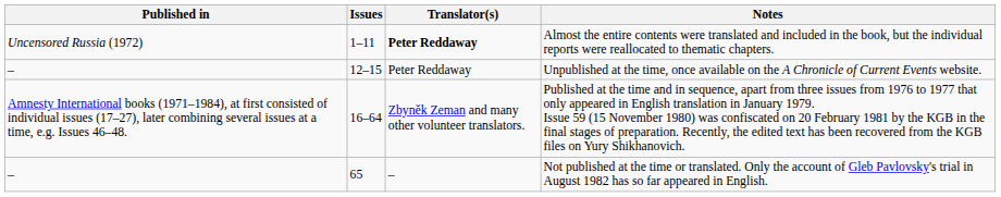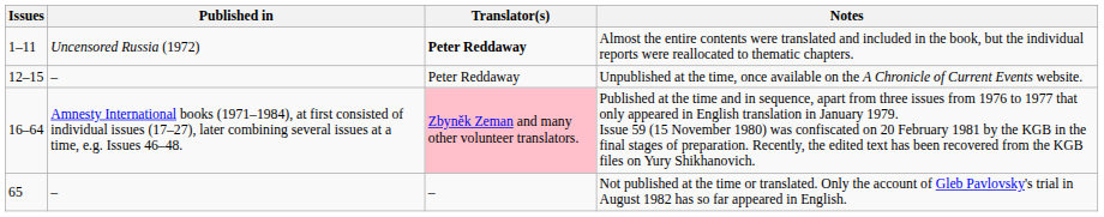 <table class="wikitable sortable">
 <tr>
+<th>Issues</th>
 <th>Published in</th>
-<th>Issues</th>
 <th>Translator(s)</th>
 <th>Notes</th>
 </tr>
 <tr>
+<td>1–11</td>
 <td><em>Uncensored Russia</em> (1972)</td>
-<td>1–11</td>
 <td><strong>Peter Reddaway</strong></td>
 <td>Almost the entire contents were translated and included in the book, but the individual reports were reallocated to thematic chapters.</td>
 </tr>
 <tr>
+<td>12–15</td>
 <td>–</td>
-<td>12–15</td>
 <td>Peter Reddaway</td>
 <td>Unpublished at the time, once available on the <em>A Chronicle of Current Events</em> website.</td>
 </tr>
 <tr>
+<td>16–64</td>
 <td><a href='#'>Amnesty International</a> books (1971–1984), at first consisted of individual issues (17–27), later combining several issues at a time, e.g. Issues 46–48.</td>
-<td>16–64</td>
-<td><a href='#'>Zbyněk Zeman</a> and many other volunteer translators.</td>
+<td style="background: pink;"><a href='#'>Zbyněk Zeman</a> and many other volunteer translators.</td>
 <td>Published at the time and in sequence, apart from three issues from 1976 to 1977 that only appeared in English translation in January 1979.<br>Issue 59 (15 November 1980) was confiscated on 20 February 1981 by the KGB in the final stages of preparation. Recently, the edited text has been recovered from the KGB files on Yury Shikhanovich.</td>
 </tr>
 <tr>
+<td>65</td>
 <td>–</td>
-<td>65</td>
 <td>–</td>
 <td>Not published at the time or translated. Only the account of <a href='#'>Gleb Pavlovsky</a>'s trial in August 1982 has so far appeared in English.</td>
 </tr>
 </table>
